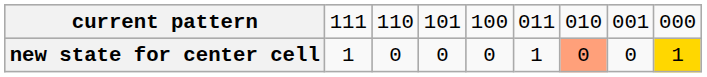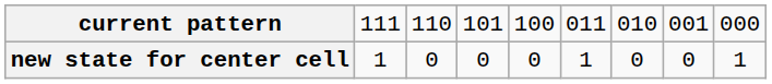 <table class="wikitable" style="text-align: center">
 <tr>
 <th>current pattern</th>
 <td>111</td>
 <td>110</td>
 <td>101</td>
 <td>100</td>
 <td>011</td>
 <td>010</td>
 <td>001</td>
 <td>000</td>
 </tr>
 <tr>
 <th>new state for center cell</th>
 <td>1</td>
 <td>0</td>
 <td>0</td>
 <td>0</td>
 <td>1</td>
-<td style="background: lightsalmon;">0</td>
 <td>0</td>
-<td style="background: gold;">1</td>
+<td>0</td>
+<td>1</td>
 </tr>
 </table>
